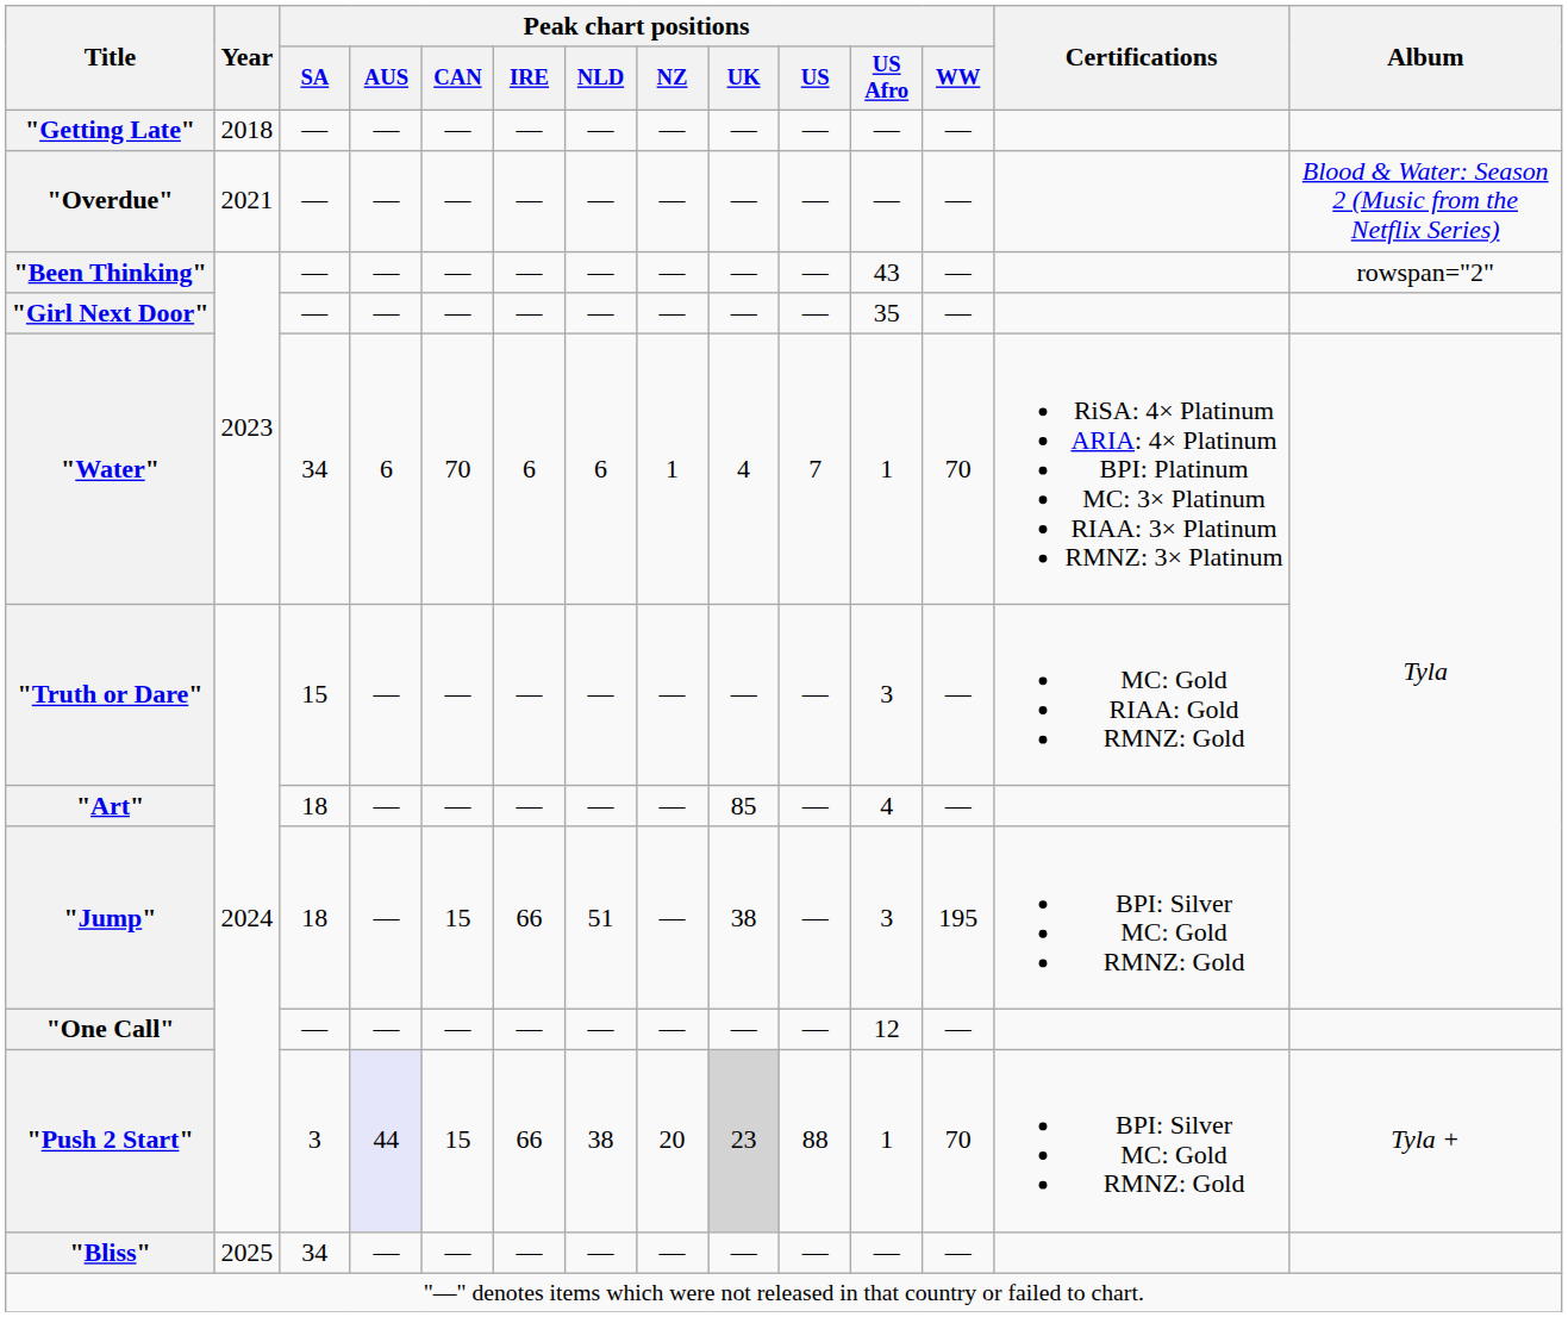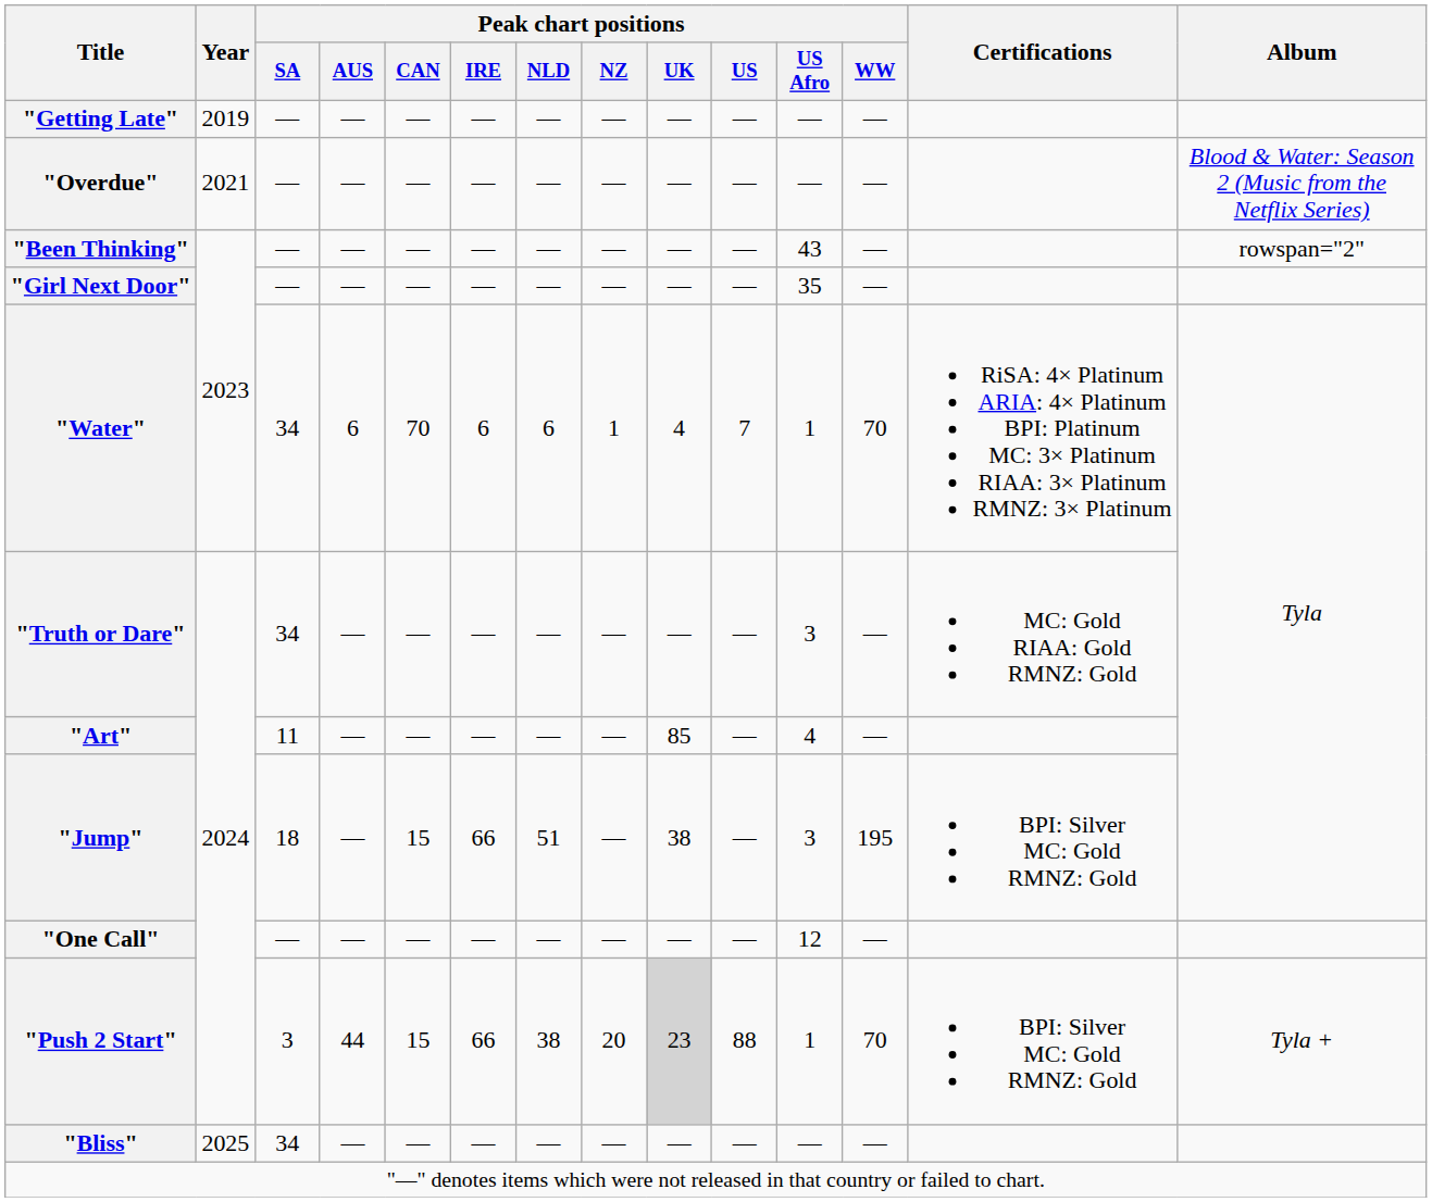 <table class="wikitable plainrowheaders" style="text-align:center;">
 <tr>
 <th scope="col" rowspan="2">Title</th>
 <th scope="col" rowspan="2">Year</th>
 <th scope="col" colspan="10">Peak chart positions</th>
 <th scope="col" rowspan="2">Certifications</th>
 <th scope="col" rowspan="2" style="width:10em;">Album</th>
 </tr>
 <tr>
 <th scope="col" style="width:2.75em;font-size:85%;"><a href='#'>SA</a><br></th>
 <th scope="col" style="width:2.75em;font-size:85%;"><a href='#'>AUS</a><br></th>
 <th scope="col" style="width:2.75em;font-size:85%;"><a href='#'>CAN</a><br></th>
 <th scope="col" style="width:2.75em;font-size:85%;"><a href='#'>IRE</a><br></th>
 <th scope="col" style="width:2.75em;font-size:85%;"><a href='#'>NLD</a><br></th>
 <th scope="col" style="width:2.75em;font-size:85%;"><a href='#'>NZ</a><br></th>
 <th scope="col" style="width:2.75em;font-size:85%;"><a href='#'>UK</a><br></th>
 <th scope="col" style="width:2.75em;font-size:85%;"><a href='#'>US</a><br></th>
 <th scope="col" style="width:2.75em;font-size:85%;"><a href='#'>US<br>Afro</a><br></th>
 <th scope="col" style="width:2.75em;font-size:85%;"><a href='#'>WW</a><br></th>
 </tr>
 <tr>
 <th scope="row">"<a href='#'>Getting Late</a>"<br></th>
-<td>2018</td>
+<td>2019</td>
 <td>—</td>
 <td>—</td>
 <td>—</td>
 <td>—</td>
 <td>—</td>
 <td>—</td>
 <td>—</td>
 <td>—</td>
 <td>—</td>
 <td>—</td>
 <td></td>
 <td></td>
 </tr>
 <tr>
 <th scope="row">"Overdue"<br></th>
 <td>2021</td>
 <td>—</td>
 <td>—</td>
 <td>—</td>
 <td>—</td>
 <td>—</td>
 <td>—</td>
 <td>—</td>
 <td>—</td>
 <td>—</td>
 <td>—</td>
 <td></td>
 <td><em><a href='#'>Blood & Water: Season 2 (Music from the Netflix Series)</a></em></td>
 </tr>
 <tr>
 <th scope="row">"<a href='#'>Been Thinking</a>"</th>
 <td rowspan="3">2023</td>
 <td>—</td>
 <td>—</td>
 <td>—</td>
 <td>—</td>
 <td>—</td>
 <td>—</td>
 <td>—</td>
 <td>—</td>
 <td>43</td>
 <td>—</td>
 <td></td>
 <td>rowspan="2" </td>
 </tr>
 <tr>
 <th scope="row">"<a href='#'>Girl Next Door</a>" <br></th>
 <td>—</td>
 <td>—</td>
 <td>—</td>
 <td>—</td>
 <td>—</td>
 <td>—</td>
 <td>—</td>
 <td>—</td>
 <td>35</td>
 <td>—</td>
 <td></td>
 </tr>
 <tr>
 <th scope="row">"<a href='#'>Water</a>"</th>
 <td>34</td>
 <td>6</td>
 <td>70</td>
 <td>6</td>
 <td>6</td>
 <td>1</td>
 <td>4</td>
 <td>7</td>
 <td>1</td>
 <td>70</td>
 <td><br><ul><li>RiSA: 4× Platinum</li><li><a href='#'>ARIA</a>: 4× Platinum</li><li>BPI: Platinum</li><li>MC: 3× Platinum</li><li>RIAA: 3× Platinum</li><li>RMNZ: 3× Platinum</li></ul></td>
 <td rowspan="4"><em>Tyla</em></td>
 </tr>
 <tr>
 <th scope="row">"<a href='#'>Truth or Dare</a>"</th>
 <td rowspan="5">2024</td>
-<td>15</td>
+<td>34</td>
 <td>—</td>
 <td>—</td>
 <td>—</td>
 <td>—</td>
 <td>—</td>
 <td>—</td>
 <td>—</td>
 <td>3</td>
 <td>—</td>
 <td><br><ul><li>MC: Gold</li><li>RIAA: Gold</li><li>RMNZ: Gold</li></ul></td>
 </tr>
 <tr>
 <th scope="row">"<a href='#'>Art</a>"</th>
-<td>18</td>
+<td>11</td>
 <td>—</td>
 <td>—</td>
 <td>—</td>
 <td>—</td>
 <td>—</td>
 <td>85</td>
 <td>—</td>
 <td>4</td>
 <td>—</td>
 <td></td>
 </tr>
 <tr>
 <th scope="row">"<a href='#'>Jump</a>"<br></th>
 <td>18</td>
 <td>—</td>
 <td>15</td>
 <td>66</td>
 <td>51</td>
 <td>—</td>
 <td>38</td>
 <td>—</td>
 <td>3</td>
 <td>195</td>
 <td><br><ul><li>BPI: Silver</li><li>MC: Gold</li><li>RMNZ: Gold</li></ul></td>
 </tr>
 <tr>
 <th scope="row">"One Call"<br></th>
 <td>—</td>
 <td>—</td>
 <td>—</td>
 <td>—</td>
 <td>—</td>
 <td>—</td>
 <td>—</td>
 <td>—</td>
 <td>12</td>
 <td>—</td>
 <td></td>
 <td></td>
 </tr>
 <tr>
 <th scope="row">"<a href='#'>Push 2 Start</a>"</th>
 <td>3</td>
-<td style="background: lavender;">44</td>
+<td>44</td>
 <td>15</td>
 <td>66</td>
 <td>38</td>
 <td>20</td>
 <td style="background: lightgrey;">23</td>
 <td>88</td>
 <td>1</td>
 <td>70</td>
 <td><br><ul><li>BPI: Silver</li><li>MC: Gold</li><li>RMNZ: Gold</li></ul></td>
 <td><em>Tyla +</em></td>
 </tr>
 <tr>
 <th scope="row">"<a href='#'>Bliss</a>"</th>
 <td>2025</td>
 <td>34</td>
 <td>—</td>
 <td>—</td>
 <td>—</td>
 <td>—</td>
 <td>—</td>
 <td>—</td>
 <td>—</td>
 <td>—</td>
 <td>—</td>
 <td></td>
 <td></td>
 </tr>
 <tr>
 <td colspan="14" style="font-size:90%;">"—" denotes items which were not released in that country or failed to chart.</td>
 </tr>
 </table>
